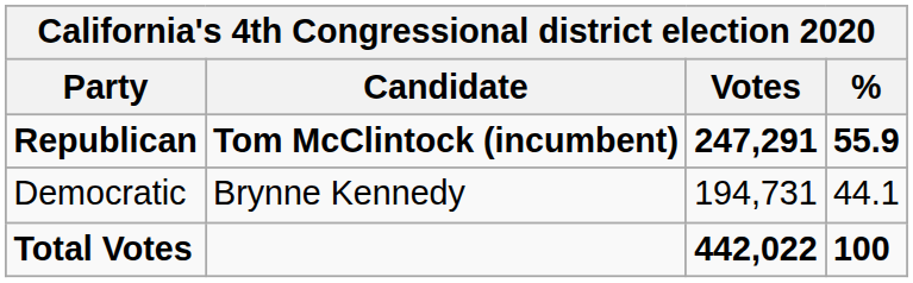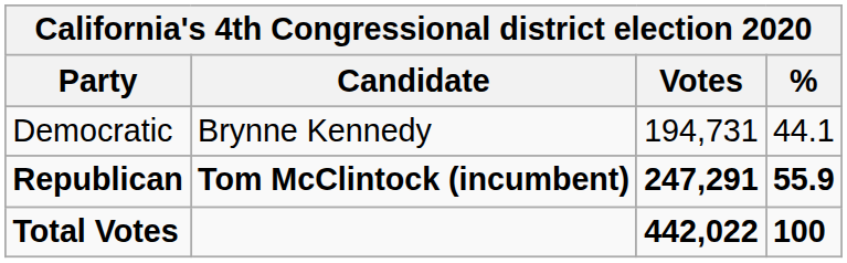 <table class="wikitable">
 <tr>
 <th colspan="4">California's 4th Congressional district election 2020</th>
 </tr>
 <tr>
 <th>Party</th>
 <th>Candidate</th>
 <th>Votes</th>
 <th>%</th>
 </tr>
 <tr>
+<td>Democratic</td>
+<td>Brynne Kennedy</td>
+<td>194,731</td>
+<td>44.1</td>
+</tr>
+<tr>
 <td><strong>Republican</strong></td>
 <td><strong>Tom McClintock (incumbent)</strong></td>
 <td><strong>247,291</strong></td>
 <td><strong>55.9</strong></td>
-</tr>
-<tr>
-<td>Democratic</td>
-<td>Brynne Kennedy</td>
-<td>194,731</td>
-<td>44.1</td>
 </tr>
 <tr>
 <td><strong>Total Votes</strong></td>
 <td></td>
 <td><strong>442,022</strong></td>
 <td><strong>100</strong></td>
 </tr>
 </table>
